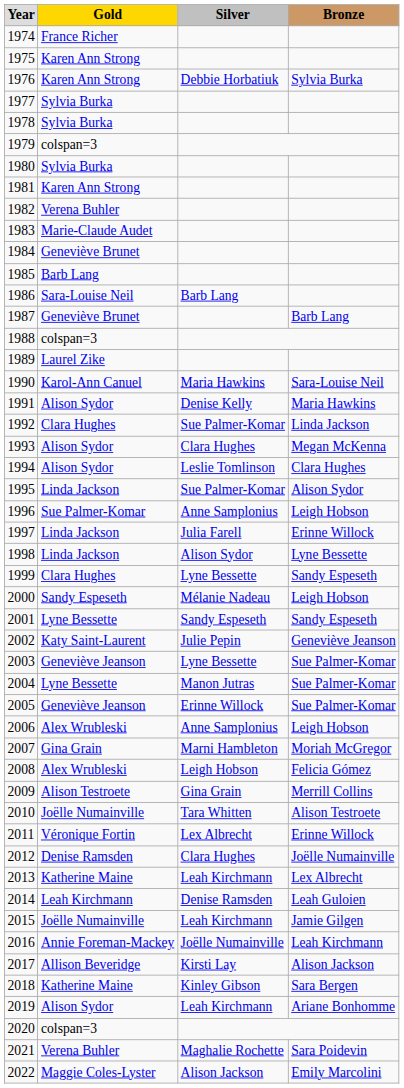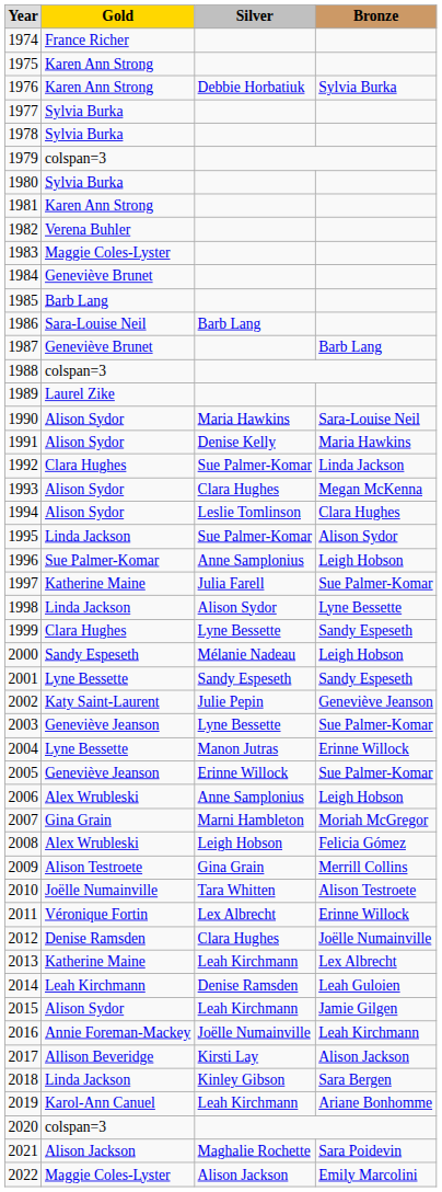 <table class="wikitable">
 <tr>
 <th style="background:#DDDDDD;">Year</th>
 <th style="background:gold;">Gold</th>
 <th style="background:silver;">Silver</th>
 <th style="background:#cc9966;">Bronze</th>
 </tr>
 <tr>
 <td>1974</td>
 <td><a href='#'>France Richer</a></td>
 <td></td>
 <td></td>
 </tr>
 <tr>
 <td>1975</td>
 <td><a href='#'>Karen Ann Strong</a></td>
 <td></td>
 <td></td>
 </tr>
 <tr>
 <td>1976</td>
 <td><a href='#'>Karen Ann Strong</a></td>
 <td><a href='#'>Debbie Horbatiuk</a></td>
 <td><a href='#'>Sylvia Burka</a></td>
 </tr>
 <tr>
 <td>1977</td>
 <td><a href='#'>Sylvia Burka</a></td>
 <td></td>
 <td></td>
 </tr>
 <tr>
 <td>1978</td>
 <td><a href='#'>Sylvia Burka</a></td>
 <td></td>
 <td></td>
 </tr>
 <tr>
 <td>1979</td>
 <td>colspan=3 </td>
 </tr>
 <tr>
 <td>1980</td>
 <td><a href='#'>Sylvia Burka</a></td>
 <td></td>
 <td></td>
 </tr>
 <tr>
 <td>1981</td>
 <td><a href='#'>Karen Ann Strong</a></td>
 <td></td>
 <td></td>
 </tr>
 <tr>
 <td>1982</td>
 <td><a href='#'>Verena Buhler</a></td>
 <td></td>
 <td></td>
 </tr>
 <tr>
 <td>1983</td>
-<td><a href='#'>Marie-Claude Audet</a></td>
+<td><a href='#'>Maggie Coles-Lyster</a></td>
 <td></td>
 <td></td>
 </tr>
 <tr>
 <td>1984</td>
 <td><a href='#'>Geneviève Brunet</a></td>
 <td></td>
 <td></td>
 </tr>
 <tr>
 <td>1985</td>
 <td><a href='#'>Barb Lang</a></td>
 <td></td>
 <td></td>
 </tr>
 <tr>
 <td>1986</td>
 <td><a href='#'>Sara-Louise Neil</a></td>
 <td><a href='#'>Barb Lang</a></td>
 <td></td>
 </tr>
 <tr>
 <td>1987</td>
 <td><a href='#'>Geneviève Brunet</a></td>
 <td></td>
 <td><a href='#'>Barb Lang</a></td>
 </tr>
 <tr>
 <td>1988</td>
 <td>colspan=3 </td>
 </tr>
 <tr>
 <td>1989</td>
 <td><a href='#'>Laurel Zike</a></td>
 <td></td>
 <td></td>
 </tr>
 <tr>
 <td>1990</td>
-<td><a href='#'>Karol-Ann Canuel</a></td>
+<td><a href='#'>Alison Sydor</a></td>
 <td><a href='#'>Maria Hawkins</a></td>
 <td><a href='#'>Sara-Louise Neil</a></td>
 </tr>
 <tr>
 <td>1991</td>
 <td><a href='#'>Alison Sydor</a></td>
 <td><a href='#'>Denise Kelly</a></td>
 <td><a href='#'>Maria Hawkins</a></td>
 </tr>
 <tr>
 <td>1992</td>
 <td><a href='#'>Clara Hughes</a></td>
 <td><a href='#'>Sue Palmer-Komar</a></td>
 <td><a href='#'>Linda Jackson</a></td>
 </tr>
 <tr>
 <td>1993</td>
 <td><a href='#'>Alison Sydor</a></td>
 <td><a href='#'>Clara Hughes</a></td>
 <td><a href='#'>Megan McKenna</a></td>
 </tr>
 <tr>
 <td>1994</td>
 <td><a href='#'>Alison Sydor</a></td>
 <td><a href='#'>Leslie Tomlinson</a></td>
 <td><a href='#'>Clara Hughes</a></td>
 </tr>
 <tr>
 <td>1995</td>
 <td><a href='#'>Linda Jackson</a></td>
 <td><a href='#'>Sue Palmer-Komar</a></td>
 <td><a href='#'>Alison Sydor</a></td>
 </tr>
 <tr>
 <td>1996</td>
 <td><a href='#'>Sue Palmer-Komar</a></td>
 <td><a href='#'>Anne Samplonius</a></td>
 <td><a href='#'>Leigh Hobson</a></td>
 </tr>
 <tr>
 <td>1997</td>
-<td><a href='#'>Linda Jackson</a></td>
+<td><a href='#'>Katherine Maine</a></td>
 <td><a href='#'>Julia Farell</a></td>
-<td><a href='#'>Erinne Willock</a></td>
+<td><a href='#'>Sue Palmer-Komar</a></td>
 </tr>
 <tr>
 <td>1998</td>
 <td><a href='#'>Linda Jackson</a></td>
 <td><a href='#'>Alison Sydor</a></td>
 <td><a href='#'>Lyne Bessette</a></td>
 </tr>
 <tr>
 <td>1999</td>
 <td><a href='#'>Clara Hughes</a></td>
 <td><a href='#'>Lyne Bessette</a></td>
 <td><a href='#'>Sandy Espeseth</a></td>
 </tr>
 <tr>
 <td>2000</td>
 <td><a href='#'>Sandy Espeseth</a></td>
 <td><a href='#'>Mélanie Nadeau</a></td>
 <td><a href='#'>Leigh Hobson</a></td>
 </tr>
 <tr>
 <td>2001</td>
 <td><a href='#'>Lyne Bessette</a></td>
 <td><a href='#'>Sandy Espeseth</a></td>
 <td><a href='#'>Sandy Espeseth</a></td>
 </tr>
 <tr>
 <td>2002</td>
 <td><a href='#'>Katy Saint-Laurent</a></td>
 <td><a href='#'>Julie Pepin</a></td>
 <td><a href='#'>Geneviève Jeanson</a></td>
 </tr>
 <tr>
 <td>2003</td>
 <td><a href='#'>Geneviève Jeanson</a></td>
 <td><a href='#'>Lyne Bessette</a></td>
 <td><a href='#'>Sue Palmer-Komar</a></td>
 </tr>
 <tr>
 <td>2004</td>
 <td><a href='#'>Lyne Bessette</a></td>
 <td><a href='#'>Manon Jutras</a></td>
-<td><a href='#'>Sue Palmer-Komar</a></td>
+<td><a href='#'>Erinne Willock</a></td>
 </tr>
 <tr>
 <td>2005</td>
 <td><a href='#'>Geneviève Jeanson</a></td>
 <td><a href='#'>Erinne Willock</a></td>
 <td><a href='#'>Sue Palmer-Komar</a></td>
 </tr>
 <tr>
 <td>2006</td>
 <td><a href='#'>Alex Wrubleski</a></td>
 <td><a href='#'>Anne Samplonius</a></td>
 <td><a href='#'>Leigh Hobson</a></td>
 </tr>
 <tr>
 <td>2007</td>
 <td><a href='#'>Gina Grain</a></td>
 <td><a href='#'>Marni Hambleton</a></td>
 <td><a href='#'>Moriah McGregor</a></td>
 </tr>
 <tr>
 <td>2008</td>
 <td><a href='#'>Alex Wrubleski</a></td>
 <td><a href='#'>Leigh Hobson</a></td>
 <td><a href='#'>Felicia Gómez</a></td>
 </tr>
 <tr>
 <td>2009</td>
 <td><a href='#'>Alison Testroete</a></td>
 <td><a href='#'>Gina Grain</a></td>
 <td><a href='#'>Merrill Collins</a></td>
 </tr>
 <tr>
 <td>2010</td>
 <td><a href='#'>Joëlle Numainville</a></td>
 <td><a href='#'>Tara Whitten</a></td>
 <td><a href='#'>Alison Testroete</a></td>
 </tr>
 <tr>
 <td>2011</td>
 <td><a href='#'>Véronique Fortin</a></td>
 <td><a href='#'>Lex Albrecht</a></td>
 <td><a href='#'>Erinne Willock</a></td>
 </tr>
 <tr>
 <td>2012</td>
 <td><a href='#'>Denise Ramsden</a></td>
 <td><a href='#'>Clara Hughes</a></td>
 <td><a href='#'>Joëlle Numainville</a></td>
 </tr>
 <tr>
 <td>2013</td>
 <td><a href='#'>Katherine Maine</a></td>
 <td><a href='#'>Leah Kirchmann</a></td>
 <td><a href='#'>Lex Albrecht</a></td>
 </tr>
 <tr>
 <td>2014</td>
 <td><a href='#'>Leah Kirchmann</a></td>
 <td><a href='#'>Denise Ramsden</a></td>
 <td><a href='#'>Leah Guloien</a></td>
 </tr>
 <tr>
 <td>2015</td>
-<td><a href='#'>Joëlle Numainville</a></td>
+<td><a href='#'>Alison Sydor</a></td>
 <td><a href='#'>Leah Kirchmann</a></td>
 <td><a href='#'>Jamie Gilgen</a></td>
 </tr>
 <tr>
 <td>2016</td>
 <td><a href='#'>Annie Foreman-Mackey</a></td>
 <td><a href='#'>Joëlle Numainville</a></td>
 <td><a href='#'>Leah Kirchmann</a></td>
 </tr>
 <tr>
 <td>2017</td>
 <td><a href='#'>Allison Beveridge</a></td>
 <td><a href='#'>Kirsti Lay</a></td>
 <td><a href='#'>Alison Jackson</a></td>
 </tr>
 <tr>
 <td>2018</td>
-<td><a href='#'>Katherine Maine</a></td>
+<td><a href='#'>Linda Jackson</a></td>
 <td><a href='#'>Kinley Gibson</a></td>
 <td><a href='#'>Sara Bergen</a></td>
 </tr>
 <tr>
 <td>2019</td>
-<td><a href='#'>Alison Sydor</a></td>
+<td><a href='#'>Karol-Ann Canuel</a></td>
 <td><a href='#'>Leah Kirchmann</a></td>
 <td><a href='#'>Ariane Bonhomme</a></td>
 </tr>
 <tr>
 <td>2020</td>
 <td>colspan=3 </td>
 </tr>
 <tr>
 <td>2021</td>
-<td><a href='#'>Verena Buhler</a></td>
+<td><a href='#'>Alison Jackson</a></td>
 <td><a href='#'>Maghalie Rochette</a></td>
 <td><a href='#'>Sara Poidevin</a></td>
 </tr>
 <tr>
 <td>2022</td>
 <td><a href='#'>Maggie Coles-Lyster</a></td>
 <td><a href='#'>Alison Jackson</a></td>
 <td><a href='#'>Emily Marcolini</a></td>
 </tr>
 </table>
